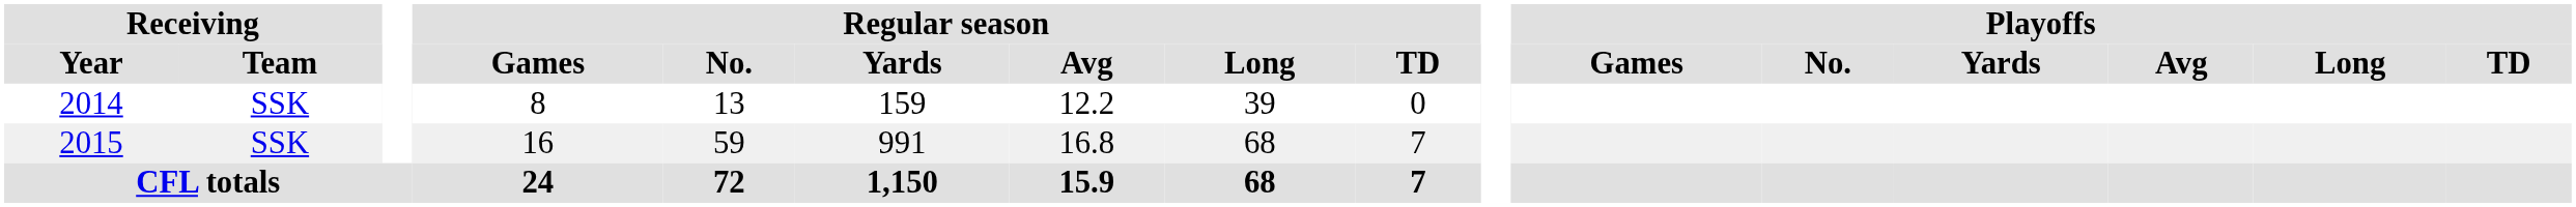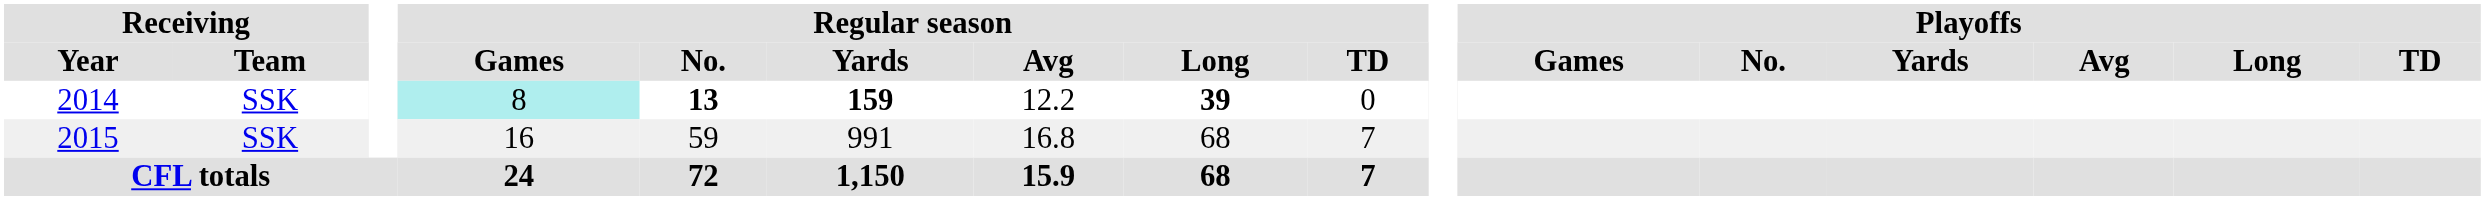 <table border="0" cellpadding="1" cellspacing="0"  style="width:65%; text-align:center;">
 <tr style="background:#e0e0e0;">
 <th colspan="2">Receiving</th>
 <th rowspan="99" style="background:#fff;"> </th>
 <th colspan="6">Regular season</th>
 <th rowspan="99" style="background:#fff;"> </th>
 <th colspan="6">Playoffs</th>
 </tr>
 <tr style="background:#e0e0e0;">
 <th>Year</th>
 <th>Team</th>
 <th>Games</th>
 <th>No.</th>
 <th>Yards</th>
 <th>Avg</th>
 <th>Long</th>
 <th>TD</th>
 <th>Games</th>
 <th>No.</th>
 <th>Yards</th>
 <th>Avg</th>
 <th>Long</th>
 <th>TD</th>
 </tr>
 <tr style="text-align:center;">
 <td><a href='#'>2014</a></td>
 <td><a href='#'>SSK</a></td>
-<td>8</td>
-<td>13</td>
-<td>159</td>
+<td style="background: paleturquoise;">8</td>
+<td><strong>13</strong></td>
+<td><strong>159</strong></td>
 <td>12.2</td>
-<td>39</td>
+<td><strong>39</strong></td>
 <td>0</td>
 <td></td>
 <td></td>
 <td></td>
 <td></td>
 <td></td>
 <td></td>
 </tr>
 <tr style="text-align:center; background:#f0f0f0;">
 <td><a href='#'>2015</a></td>
 <td><a href='#'>SSK</a></td>
 <td>16</td>
 <td>59</td>
 <td>991</td>
 <td>16.8</td>
 <td>68</td>
 <td>7</td>
 <td></td>
 <td></td>
 <td></td>
 <td></td>
 <td></td>
 <td></td>
 </tr>
 <tr style="background:#e0e0e0;">
 <th colspan="3"><a href='#'>CFL</a> totals</th>
 <th>24</th>
 <th>72</th>
 <th>1,150</th>
 <th>15.9</th>
 <th>68</th>
 <th>7</th>
 <th></th>
 <th></th>
 <th></th>
 <th></th>
 <th></th>
 <th></th>
 </tr>
 </table>
